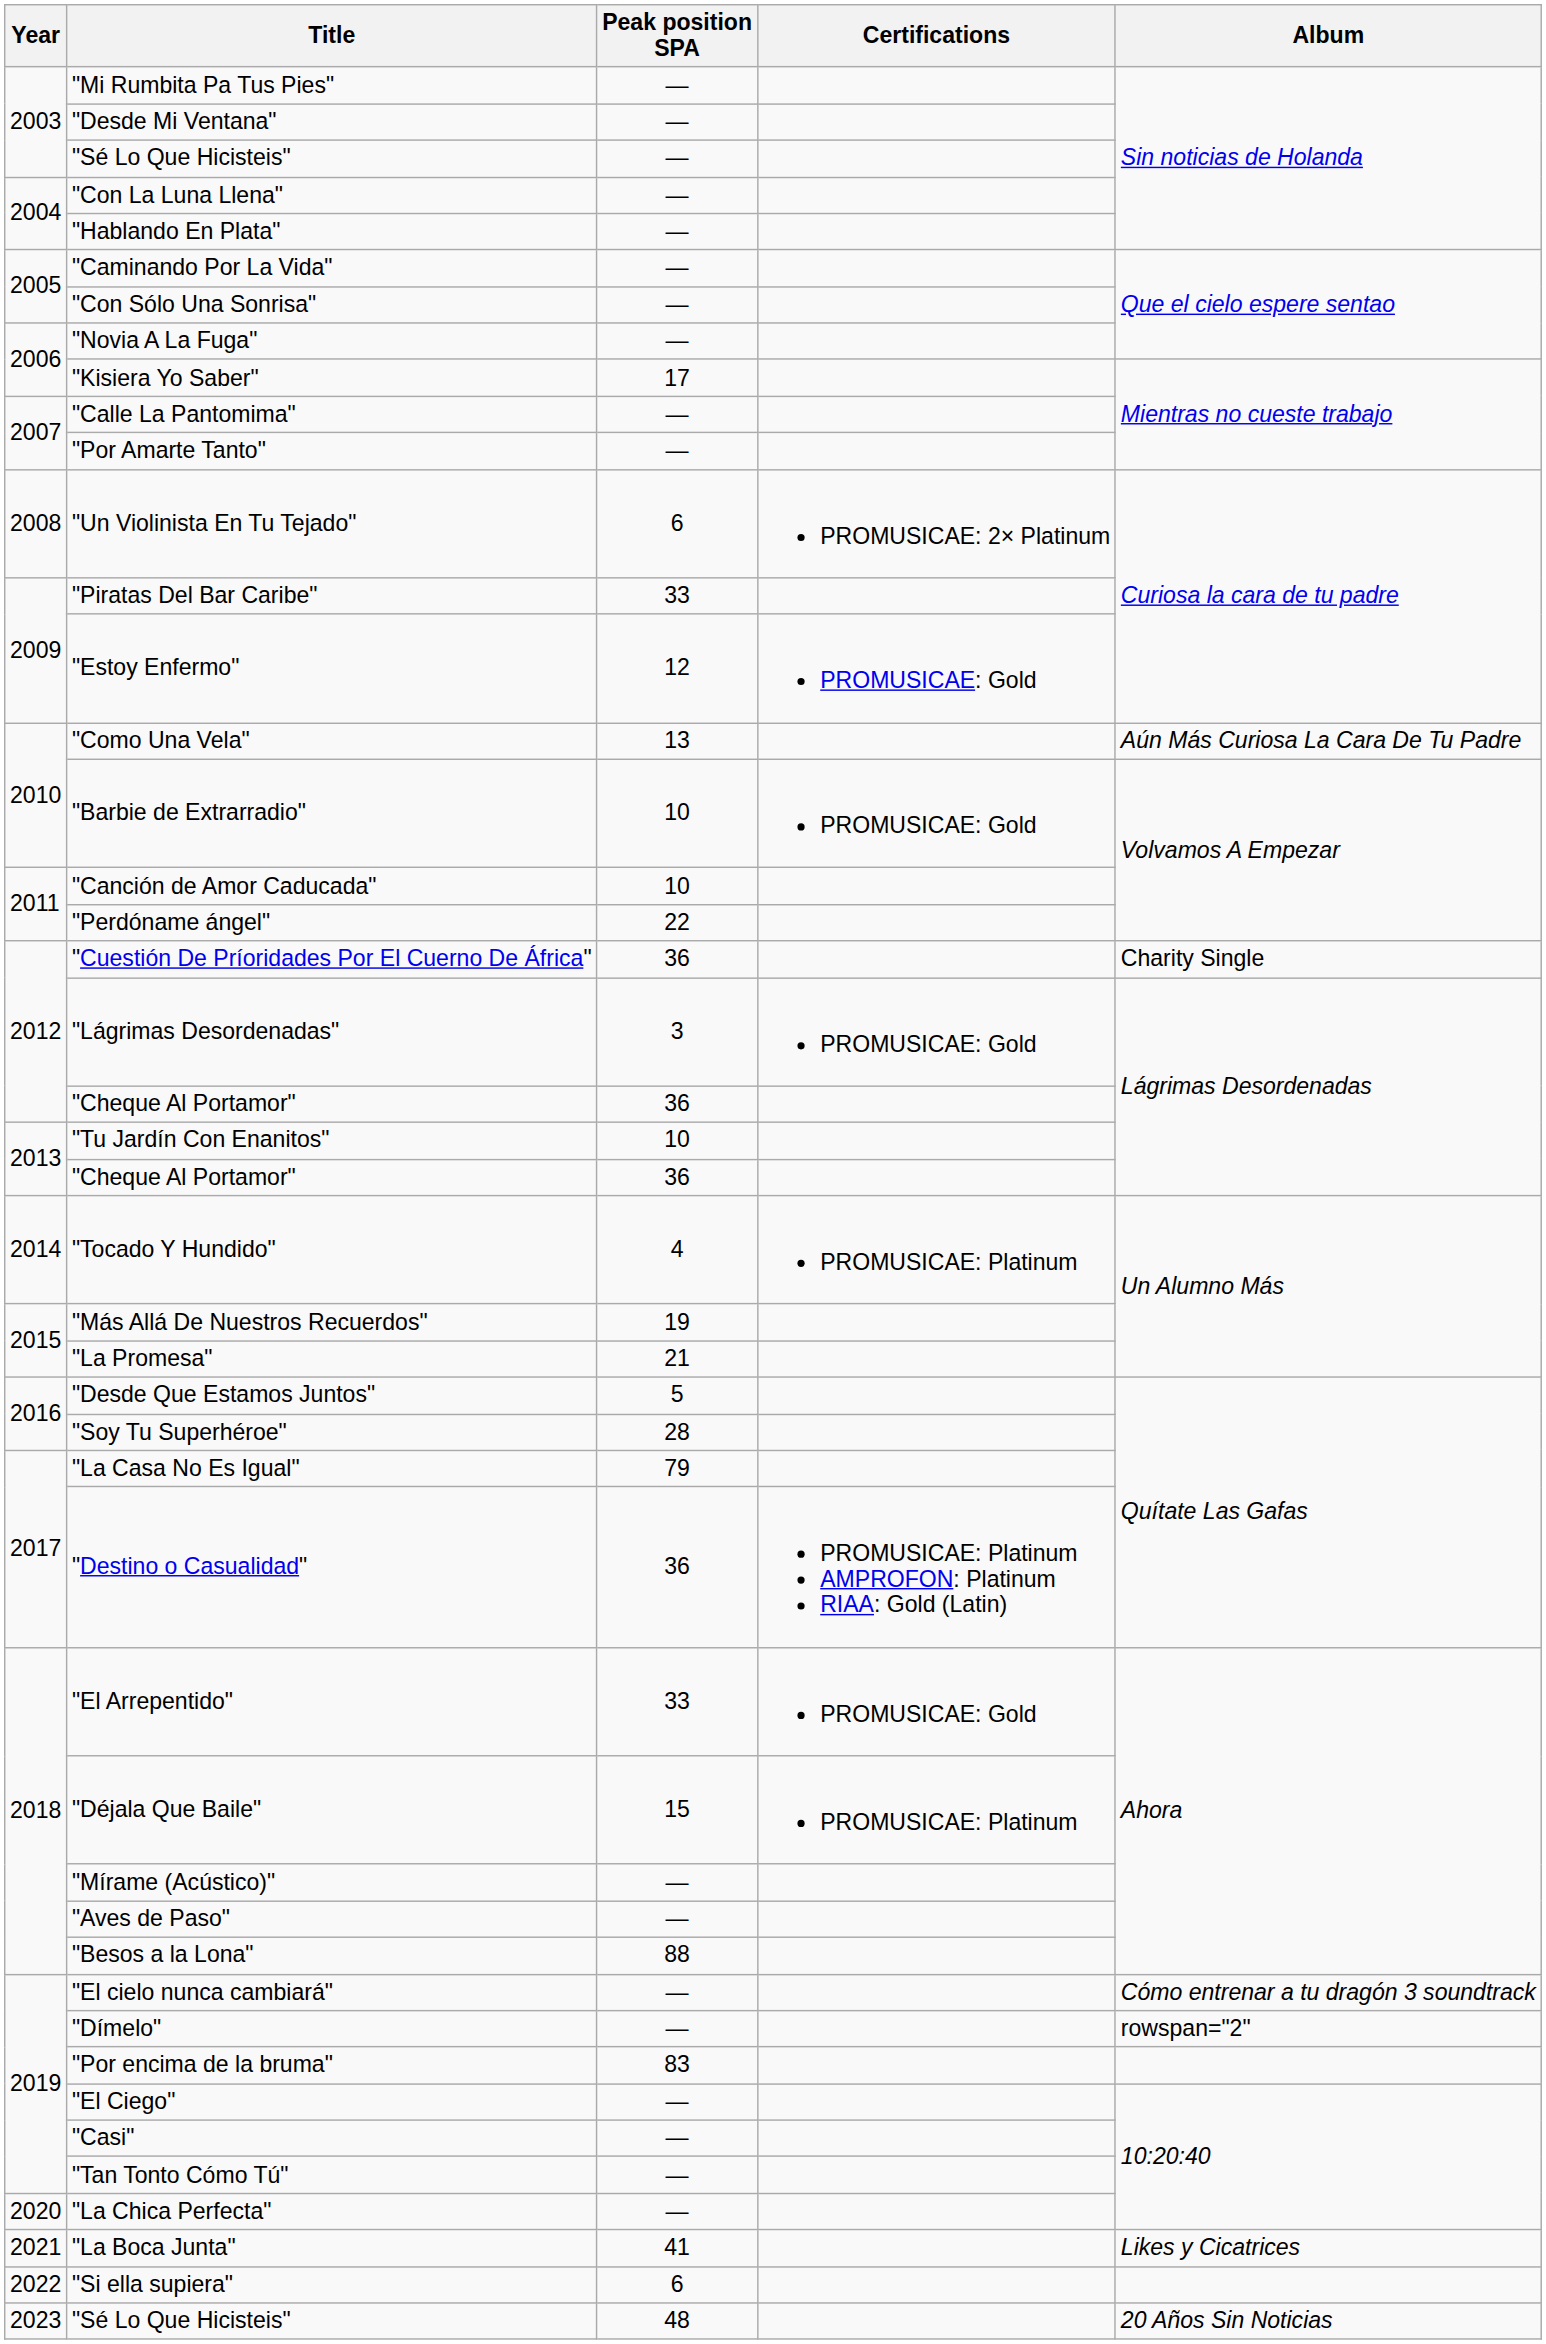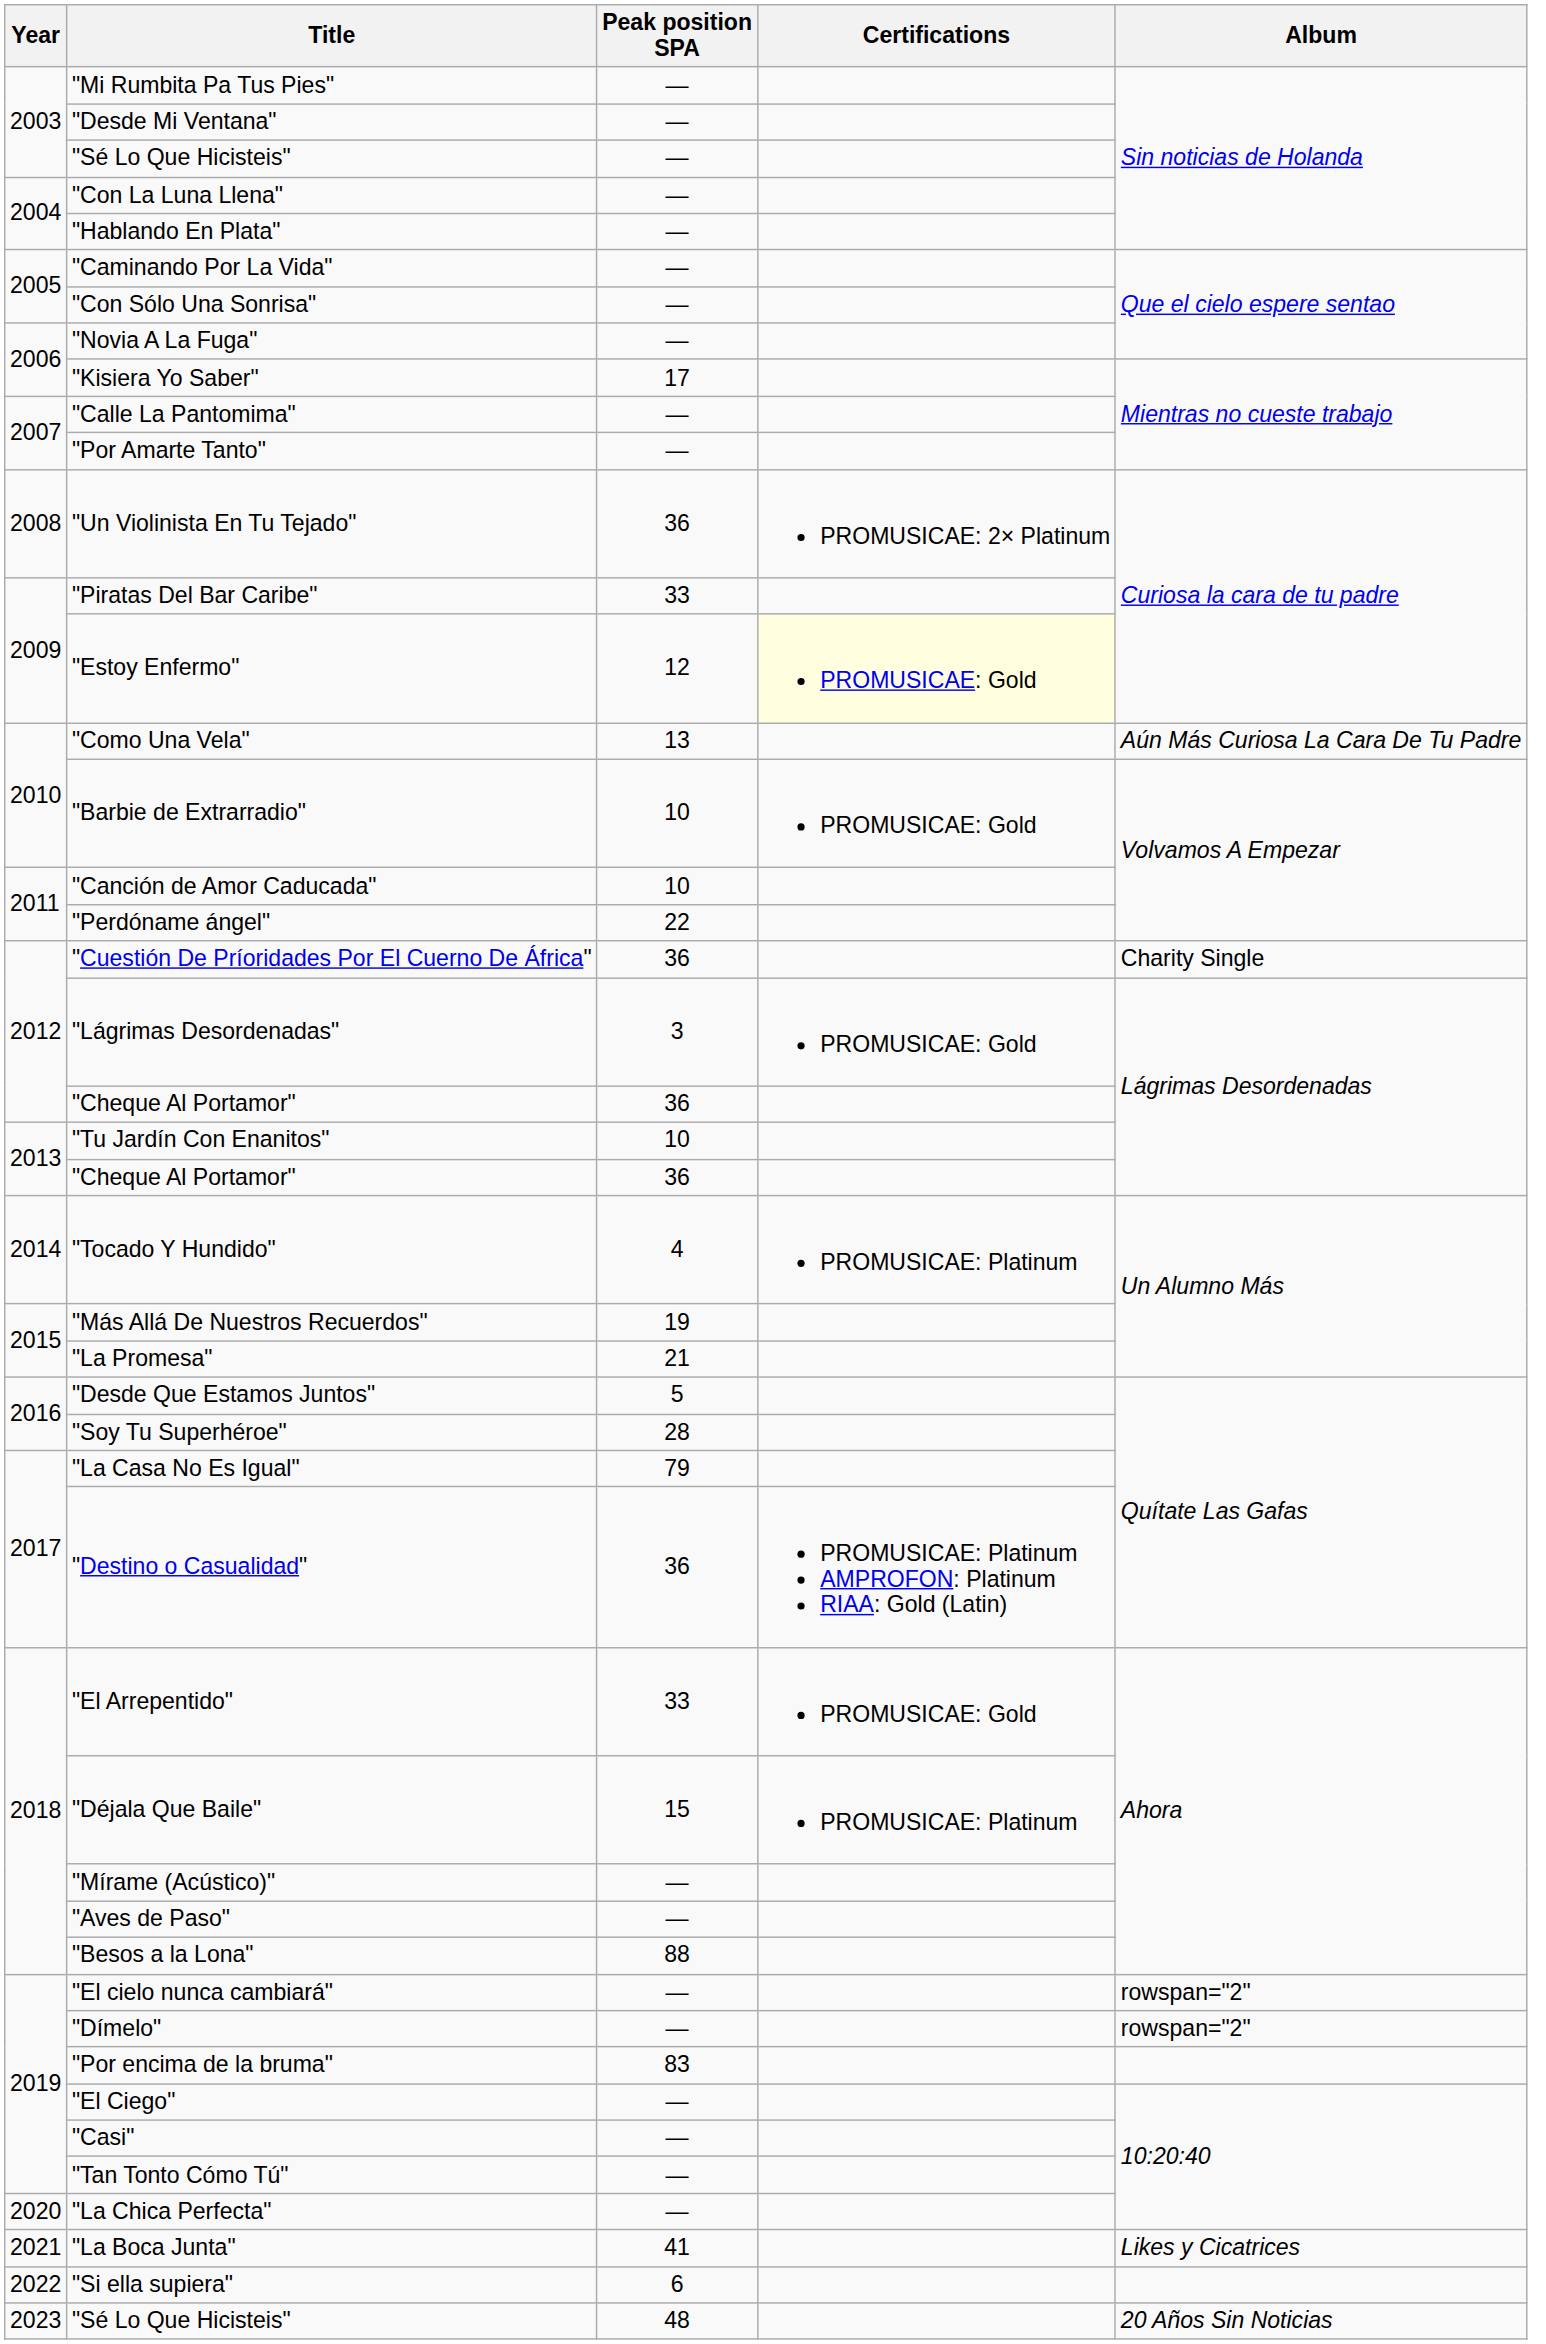 <table Class="wikitable">
 <tr>
 <th>Year</th>
 <th>Title</th>
 <th>Peak position<br>SPA<br></th>
 <th>Certifications</th>
 <th>Album</th>
 </tr>
 <tr>
 <td rowspan="3">2003</td>
 <td>"Mi Rumbita Pa Tus Pies"</td>
 <td align="center">—</td>
 <td></td>
 <td rowspan="5"><em><a href='#'>Sin noticias de Holanda</a></em></td>
 </tr>
 <tr>
 <td>"Desde Mi Ventana"</td>
 <td align="center">—</td>
 <td></td>
 </tr>
 <tr>
 <td>"Sé Lo Que Hicisteis"</td>
 <td align="center">—</td>
 <td></td>
 </tr>
 <tr>
 <td rowspan="2">2004</td>
 <td>"Con La Luna Llena"</td>
 <td align="center">—</td>
 <td></td>
 </tr>
 <tr>
 <td>"Hablando En Plata"</td>
 <td align="center">—</td>
 <td></td>
 </tr>
 <tr>
 <td rowspan="2">2005</td>
 <td>"Caminando Por La Vida"</td>
 <td align="center">—</td>
 <td></td>
 <td rowspan="3"><em><a href='#'>Que el cielo espere sentao</a></em></td>
 </tr>
 <tr>
 <td>"Con Sólo Una Sonrisa"</td>
 <td align="center">—</td>
 <td></td>
 </tr>
 <tr>
 <td rowspan="2">2006</td>
 <td>"Novia A La Fuga"</td>
 <td align="center">—</td>
 <td></td>
 </tr>
 <tr>
 <td>"Kisiera Yo Saber"</td>
 <td align="center">17</td>
 <td></td>
 <td rowspan="3"><em><a href='#'>Mientras no cueste trabajo</a></em></td>
 </tr>
 <tr>
 <td rowspan="2">2007</td>
 <td>"Calle La Pantomima"</td>
 <td align="center">—</td>
 <td></td>
 </tr>
 <tr>
 <td>"Por Amarte Tanto"</td>
 <td align="center">—</td>
 <td></td>
 </tr>
 <tr>
 <td>2008</td>
 <td>"Un Violinista En Tu Tejado"</td>
-<td align="center">6</td>
+<td align="center">36</td>
 <td><br><ul><li>PROMUSICAE: 2× Platinum </li></ul></td>
 <td Rowspan="3"><em><a href='#'>Curiosa la cara de tu padre</a></em></td>
 </tr>
 <tr>
 <td Rowspan="2">2009</td>
 <td>"Piratas Del Bar Caribe"</td>
 <td align="center">33</td>
 <td></td>
 </tr>
 <tr>
 <td>"Estoy Enfermo"<br></td>
 <td align="center">12</td>
-<td><br><ul><li><a href='#'>PROMUSICAE</a>: Gold</li></ul></td>
+<td style="background: lightyellow;"><br><ul><li><a href='#'>PROMUSICAE</a>: Gold</li></ul></td>
 </tr>
 <tr>
 <td Rowspan="2">2010</td>
 <td>"Como Una Vela"</td>
 <td Align="center">13</td>
 <td></td>
 <td><em>Aún Más Curiosa La Cara De Tu Padre</em></td>
 </tr>
 <tr>
 <td>"Barbie de Extrarradio"</td>
 <td Align="center">10</td>
 <td><br><ul><li>PROMUSICAE: Gold</li></ul></td>
 <td Rowspan="3"><em>Volvamos A Empezar</em></td>
 </tr>
 <tr>
 <td Rowspan="2">2011</td>
 <td>"Canción de Amor Caducada"</td>
 <td Align="center">10</td>
 <td></td>
 </tr>
 <tr>
 <td>"Perdóname ángel"</td>
 <td Align="center">22</td>
 <td></td>
 </tr>
 <tr>
 <td Rowspan="3">2012</td>
 <td>"<a href='#'>Cuestión De Príoridades Por El Cuerno De África</a>"<br></td>
 <td Align="center">36</td>
 <td></td>
 <td>Charity Single</td>
 </tr>
 <tr>
 <td>"Lágrimas Desordenadas"</td>
 <td Align="center">3</td>
 <td><br><ul><li>PROMUSICAE: Gold</li></ul></td>
 <td Rowspan="4"><em>Lágrimas Desordenadas</em></td>
 </tr>
 <tr>
 <td>"Cheque Al Portamor"</td>
 <td align="center">36</td>
 <td></td>
 </tr>
 <tr>
 <td Rowspan="2">2013</td>
 <td>"Tu Jardín Con Enanitos"</td>
 <td Align="center">10</td>
 <td></td>
 </tr>
 <tr>
 <td>"Cheque Al Portamor"</td>
 <td Align="center">36</td>
 <td></td>
 </tr>
 <tr>
 <td>2014</td>
 <td>"Tocado Y Hundido"</td>
 <td Align="center">4</td>
 <td><br><ul><li>PROMUSICAE: Platinum</li></ul></td>
 <td Rowspan="3"><em>Un Alumno Más</em></td>
 </tr>
 <tr>
 <td Rowspan="2">2015</td>
 <td>"Más Allá De Nuestros Recuerdos"</td>
 <td Align="center">19</td>
 <td></td>
 </tr>
 <tr>
 <td>"La Promesa"</td>
 <td Align="center">21</td>
 <td></td>
 </tr>
 <tr>
 <td Rowspan="2">2016</td>
 <td>"Desde Que Estamos Juntos"</td>
 <td Align="center">5</td>
 <td></td>
 <td Rowspan="4"><em>Quítate Las Gafas</em></td>
 </tr>
 <tr>
 <td>"Soy Tu Superhéroe"</td>
 <td Align="center">28</td>
 <td></td>
 </tr>
 <tr>
 <td Rowspan="2">2017</td>
 <td>"La Casa No Es Igual"</td>
 <td align="center">79</td>
 <td></td>
 </tr>
 <tr>
 <td>"<a href='#'>Destino o Casualidad</a>"<br></td>
 <td Align="center">36</td>
 <td><br><ul><li>PROMUSICAE: Platinum</li><li><a href='#'>AMPROFON</a>: Platinum</li><li><a href='#'>RIAA</a>: Gold (Latin)</li></ul></td>
 </tr>
 <tr>
 <td rowspan="5">2018</td>
 <td>"El Arrepentido"<br></td>
 <td Align="center">33</td>
 <td><br><ul><li>PROMUSICAE: Gold</li></ul></td>
 <td Rowspan="5"><em>Ahora</em></td>
 </tr>
 <tr>
 <td>"Déjala Que Baile"<br></td>
 <td Align="center">15</td>
 <td><br><ul><li>PROMUSICAE: Platinum</li></ul></td>
 </tr>
 <tr>
 <td>"Mírame (Acústico)"</td>
 <td Align="center">—</td>
 <td></td>
 </tr>
 <tr>
 <td>"Aves de Paso"</td>
 <td Align="center">—</td>
 <td></td>
 </tr>
 <tr>
 <td>"Besos a la Lona"</td>
 <td Align="center">88</td>
 <td></td>
 </tr>
 <tr>
 <td rowspan="6">2019</td>
 <td>"El cielo nunca cambiará"</td>
 <td align="center">—</td>
 <td></td>
-<td><em>Cómo entrenar a tu dragón 3 soundtrack</em></td>
+<td>rowspan="2" </td>
 </tr>
 <tr>
 <td>"Dímelo"<br></td>
 <td align="center">—</td>
 <td></td>
 <td>rowspan="2" </td>
 </tr>
 <tr>
 <td>"Por encima de la bruma"</td>
 <td align="center">83</td>
 <td></td>
 </tr>
 <tr>
 <td>"El Ciego"<br></td>
 <td align="center">—</td>
 <td></td>
 <td rowspan="4"><em>10:20:40</em></td>
 </tr>
 <tr>
 <td>"Casi"</td>
 <td align="center">—</td>
 <td></td>
 </tr>
 <tr>
 <td>"Tan Tonto Cómo Tú"</td>
 <td align="center">—</td>
 <td></td>
 </tr>
 <tr>
 <td>2020</td>
 <td>"La Chica Perfecta"</td>
 <td align="center">—</td>
 <td></td>
 </tr>
 <tr>
 <td>2021</td>
 <td>"La Boca Junta"</td>
 <td Align="center">41</td>
 <td></td>
 <td><em>Likes y Cicatrices</em></td>
 </tr>
 <tr>
 <td>2022</td>
 <td>"Si ella supiera"<br></td>
 <td align="center">6</td>
 <td></td>
 <td></td>
 </tr>
 <tr>
 <td>2023</td>
 <td>"Sé Lo Que Hicisteis"<br></td>
 <td align="center">48</td>
 <td></td>
 <td><em>20 Años Sin Noticias</em></td>
 </tr>
 </table>
